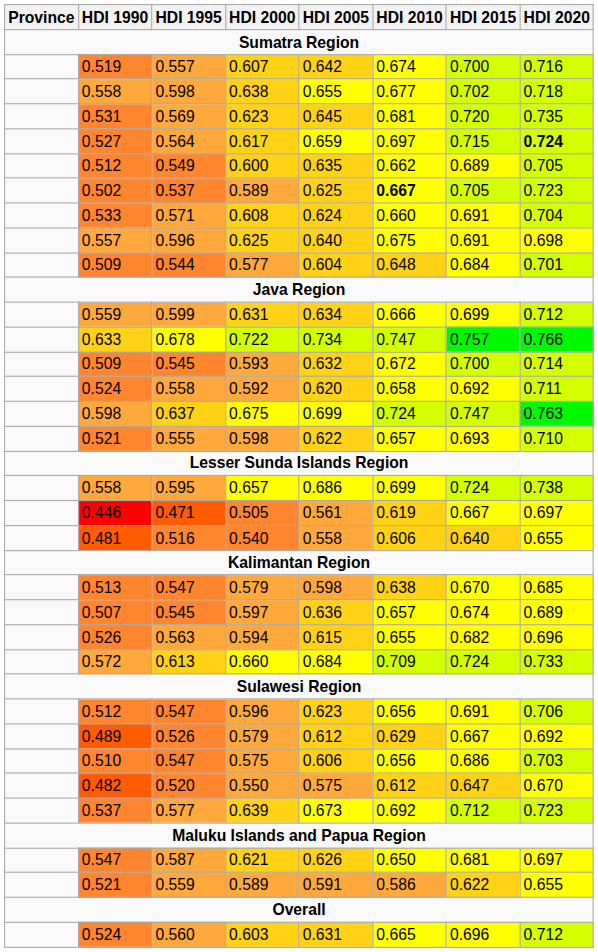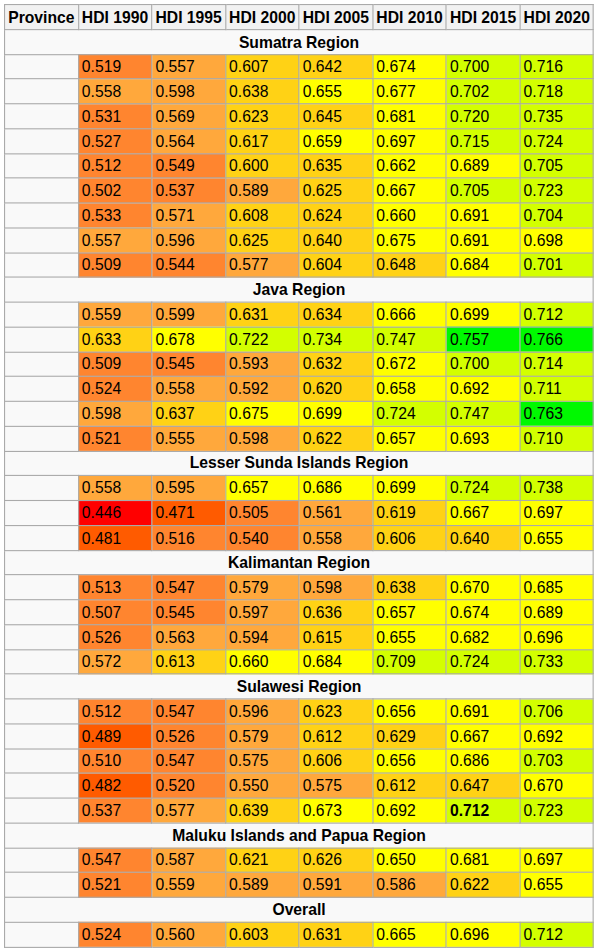 <table class="wikitable sortable" style="margin: 1em 1em 1em 0; font-size: 90%;">
 <tr>
 <th>Province</th>
 <th>HDI 1990</th>
 <th>HDI 1995</th>
 <th>HDI 2000</th>
 <th>HDI 2005</th>
 <th>HDI 2010</th>
 <th>HDI 2015</th>
 <th>HDI 2020</th>
 </tr>
 <tr>
 <td colspan="9" style="text-align:center"><strong>Sumatra Region</strong></td>
 </tr>
 <tr>
 <td></td>
 <td style="background:#FF852F;">0.519</td>
 <td style="background:#FFA83C;">0.557</td>
 <td style="background:#FFD215;">0.607</td>
 <td style="background:#FFD215;">0.642</td>
 <td style="background:#FFFF00;">0.674</td>
 <td style="background:#D3FF00;">0.700</td>
 <td style="background:#D3FF00;">0.716</td>
 </tr>
 <tr>
 <td></td>
 <td style="background:#FFA83C;">0.558</td>
 <td style="background:#FFA83C;">0.598</td>
 <td style="background:#FFD215;">0.638</td>
 <td style="background:#FFFF00;">0.655</td>
 <td style="background:#FFFF00;">0.677</td>
 <td style="background:#D3FF00;">0.702</td>
 <td style="background:#D3FF00;">0.718</td>
 </tr>
 <tr>
 <td></td>
 <td style="background:#FF852F;">0.531</td>
 <td style="background:#FFA83C;">0.569</td>
 <td style="background:#FFD215;">0.623</td>
 <td style="background:#FFD215;">0.645</td>
 <td style="background:#FFFF00;">0.681</td>
 <td style="background:#D3FF00;">0.720</td>
 <td style="background:#D3FF00;">0.735</td>
 </tr>
 <tr>
 <td></td>
 <td style="background:#FF852F;">0.527</td>
 <td style="background:#FFA83C;">0.564</td>
 <td style="background:#FFD215;">0.617</td>
 <td style="background:#FFFF00;">0.659</td>
 <td style="background:#FFFF00;">0.697</td>
 <td style="background:#D3FF00;">0.715</td>
-<td style="background:#D3FF00;"><strong>0.724</strong></td>
+<td style="background:#D3FF00;">0.724</td>
 </tr>
 <tr>
 <td></td>
 <td style="background:#FF852F;">0.512</td>
 <td style="background:#FF852F;">0.549</td>
 <td style="background:#FFD215;">0.600</td>
 <td style="background:#FFD215;">0.635</td>
 <td style="background:#FFFF00;">0.662</td>
 <td style="background:#FFFF00;">0.689</td>
 <td style="background:#D3FF00;">0.705</td>
 </tr>
 <tr>
 <td></td>
 <td style="background:#FF852F;">0.502</td>
 <td style="background:#FF852F;">0.537</td>
 <td style="background:#FFA83C;">0.589</td>
 <td style="background:#FFD215;">0.625</td>
-<td style="background:#FFFF00;"><strong>0.667</strong></td>
+<td style="background:#FFFF00;">0.667</td>
 <td style="background:#D3FF00;">0.705</td>
 <td style="background:#D3FF00;">0.723</td>
 </tr>
 <tr>
 <td></td>
 <td style="background:#FF852F;">0.533</td>
 <td style="background:#FFA83C;">0.571</td>
 <td style="background:#FFD215;">0.608</td>
 <td style="background:#FFD215;">0.624</td>
 <td style="background:#FFFF00;">0.660</td>
 <td style="background:#FFFF00;">0.691</td>
 <td style="background:#D3FF00;">0.704</td>
 </tr>
 <tr>
 <td></td>
 <td style="background:#FFA83C;">0.557</td>
 <td style="background:#FFA83C;">0.596</td>
 <td style="background:#FFD215;">0.625</td>
 <td style="background:#FFD215;">0.640</td>
 <td style="background:#FFFF00;">0.675</td>
 <td style="background:#FFFF00;">0.691</td>
 <td style="background:#FFFF00;">0.698</td>
 </tr>
 <tr>
 <td></td>
 <td style="background:#FF852F;">0.509</td>
 <td style="background:#FF852F;">0.544</td>
 <td style="background:#FFA83C;">0.577</td>
 <td style="background:#FFD215;">0.604</td>
 <td style="background:#FFD215;">0.648</td>
 <td style="background:#FFFF00;">0.684</td>
 <td style="background:#D3FF00;">0.701</td>
 </tr>
 <tr>
 <td colspan="9" style="text-align:center"><strong>Java Region</strong></td>
 </tr>
 <tr>
 <td></td>
 <td style="background:#FFA83C;">0.559</td>
 <td style="background:#FFA83C;">0.599</td>
 <td style="background:#FFD215;">0.631</td>
 <td style="background:#FFD215;">0.634</td>
 <td style="background:#FFFF00;">0.666</td>
 <td style="background:#FFFF00;">0.699</td>
 <td style="background:#D3FF00;">0.712</td>
 </tr>
 <tr>
 <td></td>
 <td style="background:#FFD215;">0.633</td>
 <td style="background:#FFFF00;">0.678</td>
 <td style="background:#D3FF00;">0.722</td>
 <td style="background:#D3FF00;">0.734</td>
 <td style="background:#D3FF00;">0.747</td>
 <td style="background:#00F900;">0.757</td>
 <td style="background:#00F900;">0.766</td>
 </tr>
 <tr>
 <td></td>
 <td style="background:#FF852F;">0.509</td>
 <td style="background:#FF852F;">0.545</td>
 <td style="background:#FFA83C;">0.593</td>
 <td style="background:#FFD215;">0.632</td>
 <td style="background:#FFFF00;">0.672</td>
 <td style="background:#D3FF00;">0.700</td>
 <td style="background:#D3FF00;">0.714</td>
 </tr>
 <tr>
 <td></td>
 <td style="background:#FF852F;">0.524</td>
 <td style="background:#FFA83C;">0.558</td>
 <td style="background:#FFA83C;">0.592</td>
 <td style="background:#FFD215;">0.620</td>
 <td style="background:#FFFF00;">0.658</td>
 <td style="background:#FFFF00;">0.692</td>
 <td style="background:#D3FF00;">0.711</td>
 </tr>
 <tr>
 <td></td>
 <td style="background:#FFA83C;">0.598</td>
 <td style="background:#FFD215;">0.637</td>
 <td style="background:#FFFF00;">0.675</td>
 <td style="background:#FFFF00;">0.699</td>
 <td style="background:#D3FF00;">0.724</td>
 <td style="background:#D3FF00;">0.747</td>
 <td style="background:#00F900;">0.763</td>
 </tr>
 <tr>
 <td></td>
 <td style="background:#FF852F;">0.521</td>
 <td style="background:#FFA83C;">0.555</td>
 <td style="background:#FFA83C;">0.598</td>
 <td style="background:#FFD215;">0.622</td>
 <td style="background:#FFFF00;">0.657</td>
 <td style="background:#FFFF00;">0.693</td>
 <td style="background:#D3FF00;">0.710</td>
 </tr>
 <tr>
 <td colspan="9" style="text-align:center"><strong>Lesser Sunda Islands Region</strong></td>
 </tr>
 <tr>
 <td></td>
 <td style="background:#FFA83C;">0.558</td>
 <td style="background:#FFA83C;">0.595</td>
 <td style="background:#FFFF00;">0.657</td>
 <td style="background:#FFFF00;">0.686</td>
 <td style="background:#FFFF00;">0.699</td>
 <td style="background:#D3FF00;">0.724</td>
 <td style="background:#D3FF00;">0.738</td>
 </tr>
 <tr>
 <td></td>
 <td style="background:#FF0000;">0.446</td>
 <td style="background:#FF5B00;">0.471</td>
 <td style="background:#FF852F;">0.505</td>
 <td style="background:#FFA83C;">0.561</td>
 <td style="background:#FFD215;">0.619</td>
 <td style="background:#FFFF00;">0.667</td>
 <td style="background:#FFFF00;">0.697</td>
 </tr>
 <tr>
 <td></td>
 <td style="background:#FF5B00;">0.481</td>
 <td style="background:#FF852F;">0.516</td>
 <td style="background:#FF852F;">0.540</td>
 <td style="background:#FFA83C;">0.558</td>
 <td style="background:#FFD215;">0.606</td>
 <td style="background:#FFD215;">0.640</td>
 <td style="background:#FFFF00;">0.655</td>
 </tr>
 <tr>
 <td colspan="9" style="text-align:center"><strong>Kalimantan Region</strong></td>
 </tr>
 <tr>
 <td></td>
 <td style="background:#FF852F;">0.513</td>
 <td style="background:#FF852F;">0.547</td>
 <td style="background:#FFA83C;">0.579</td>
 <td style="background:#FFA83C;">0.598</td>
 <td style="background:#FFD215;">0.638</td>
 <td style="background:#FFFF00;">0.670</td>
 <td style="background:#FFFF00;">0.685</td>
 </tr>
 <tr>
 <td></td>
 <td style="background:#FF852F;">0.507</td>
 <td style="background:#FF852F;">0.545</td>
 <td style="background:#FFA83C;">0.597</td>
 <td style="background:#FFD215;">0.636</td>
 <td style="background:#FFFF00;">0.657</td>
 <td style="background:#FFFF00;">0.674</td>
 <td style="background:#FFFF00;">0.689</td>
 </tr>
 <tr>
 <td></td>
 <td style="background:#FF852F;">0.526</td>
 <td style="background:#FFA83C;">0.563</td>
 <td style="background:#FFA83C;">0.594</td>
 <td style="background:#FFD215;">0.615</td>
 <td style="background:#FFFF00;">0.655</td>
 <td style="background:#FFFF00;">0.682</td>
 <td style="background:#FFFF00;">0.696</td>
 </tr>
 <tr>
 <td></td>
 <td style="background:#FFA83C;">0.572</td>
 <td style="background:#FFD215;">0.613</td>
 <td style="background:#FFFF00;">0.660</td>
 <td style="background:#FFFF00;">0.684</td>
 <td style="background:#D3FF00;">0.709</td>
 <td style="background:#D3FF00;">0.724</td>
 <td style="background:#D3FF00;">0.733</td>
 </tr>
 <tr>
 <td colspan="9" style="text-align:center"><strong>Sulawesi Region</strong></td>
 </tr>
 <tr>
 <td></td>
 <td style="background:#FF852F;">0.512</td>
 <td style="background:#FF852F;">0.547</td>
 <td style="background:#FFA83C;">0.596</td>
 <td style="background:#FFD215;">0.623</td>
 <td style="background:#FFFF00;">0.656</td>
 <td style="background:#FFFF00;">0.691</td>
 <td style="background:#D3FF00;">0.706</td>
 </tr>
 <tr>
 <td></td>
 <td style="background:#FF5B00;">0.489</td>
 <td style="background:#FF852F;">0.526</td>
 <td style="background:#FFA83C;">0.579</td>
 <td style="background:#FFD215;">0.612</td>
 <td style="background:#FFD215;">0.629</td>
 <td style="background:#FFFF00;">0.667</td>
 <td style="background:#FFFF00;">0.692</td>
 </tr>
 <tr>
 <td></td>
 <td style="background:#FF852F;">0.510</td>
 <td style="background:#FF852F;">0.547</td>
 <td style="background:#FFA83C;">0.575</td>
 <td style="background:#FFD215;">0.606</td>
 <td style="background:#FFFF00;">0.656</td>
 <td style="background:#FFFF00;">0.686</td>
 <td style="background:#D3FF00;">0.703</td>
 </tr>
 <tr>
 <td></td>
 <td style="background:#FF5B00;">0.482</td>
 <td style="background:#FF852F;">0.520</td>
 <td style="background:#FFA83C;">0.550</td>
 <td style="background:#FFA83C;">0.575</td>
 <td style="background:#FFD215;">0.612</td>
 <td style="background:#FFD215;">0.647</td>
 <td style="background:#FFFF00;">0.670</td>
 </tr>
 <tr>
 <td></td>
 <td style="background:#FF852F;">0.537</td>
 <td style="background:#FFA83C;">0.577</td>
 <td style="background:#FFD215;">0.639</td>
 <td style="background:#FFFF00;">0.673</td>
 <td style="background:#FFFF00;">0.692</td>
-<td style="background:#D3FF00;">0.712</td>
+<td style="background:#D3FF00;"><strong>0.712</strong></td>
 <td style="background:#D3FF00;">0.723</td>
 </tr>
 <tr>
 <td colspan="9" style="text-align:center"><strong>Maluku Islands and Papua Region</strong></td>
 </tr>
 <tr>
 <td></td>
 <td style="background:#FF852F;">0.547</td>
 <td style="background:#FFA83C;">0.587</td>
 <td style="background:#FFD215;">0.621</td>
 <td style="background:#FFD215;">0.626</td>
 <td style="background:#FFFF00;">0.650</td>
 <td style="background:#FFFF00;">0.681</td>
 <td style="background:#FFFF00;">0.697</td>
 </tr>
 <tr>
 <td></td>
 <td style="background:#FF852F;">0.521</td>
 <td style="background:#FFA83C;">0.559</td>
 <td style="background:#FFA83C;">0.589</td>
 <td style="background:#FFA83C;">0.591</td>
 <td style="background:#FFA83C;">0.586</td>
 <td style="background:#FFD215;">0.622</td>
 <td style="background:#FFFF00;">0.655</td>
 </tr>
 <tr>
 <td colspan="9" style="text-align:center"><strong>Overall</strong></td>
 </tr>
 <tr>
 <td></td>
 <td style="background:#FF852F;">0.524</td>
 <td style="background:#FFA83C;">0.560</td>
 <td style="background:#FFD215;">0.603</td>
 <td style="background:#FFD215;">0.631</td>
 <td style="background:#FFFF00;">0.665</td>
 <td style="background:#FFFF00;">0.696</td>
 <td style="background:#D3FF00;">0.712</td>
 </tr>
 </table>
